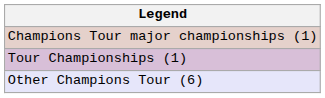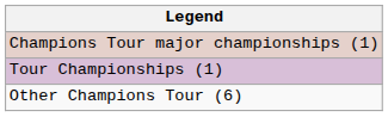 <table class="wikitable" style="font-size:95%;">
 <tr>
 <th>Legend</th>
 </tr>
 <tr style="background:#e5d1cb;">
 <td>Champions Tour major championships (1)</td>
 </tr>
 <tr style="background:thistle;">
 <td>Tour Championships (1)</td>
 </tr>
 <tr>
-<td style="background: lavender;">Other Champions Tour (6)</td>
+<td>Other Champions Tour (6)</td>
 </tr>
 </table>
